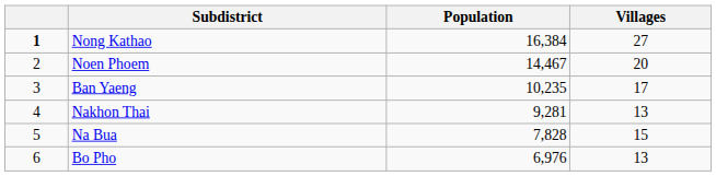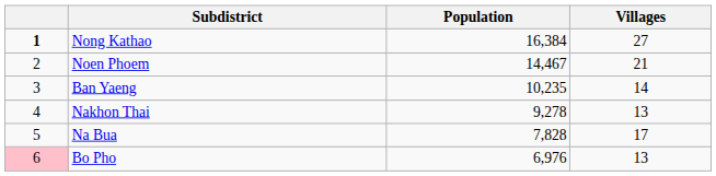 <table class="wikitable" style="width:48%; display:inline-table;">
 <tr>
 <th scope="col" style="width:9%;"> </th>
 <th scope="col" style="width:45%;">Subdistrict</th>
 <th scope="col" style="width:26%;">Population</th>
 <th scope="col" style="width:20%;">Villages</th>
 </tr>
 <tr>
 <td style="text-align:center;"><strong>1</strong></td>
 <td><a href='#'>Nong Kathao</a></td>
 <td style="text-align:right;">16,384</td>
 <td style="text-align:center;">27</td>
 </tr>
 <tr>
 <td style="text-align:center;">2</td>
 <td><a href='#'>Noen Phoem</a></td>
 <td style="text-align:right;">14,467</td>
-<td style="text-align:center;">20</td>
+<td style="text-align:center;">21</td>
 </tr>
 <tr>
 <td style="text-align:center;">3</td>
 <td><a href='#'>Ban Yaeng</a></td>
 <td style="text-align:right;">10,235</td>
-<td style="text-align:center;">17</td>
+<td style="text-align:center;">14</td>
 </tr>
 <tr>
 <td style="text-align:center;">4</td>
 <td><a href='#'>Nakhon Thai</a></td>
-<td style="text-align:right;">9,281</td>
+<td style="text-align:right;">9,278</td>
 <td style="text-align:center;">13</td>
 </tr>
 <tr>
 <td style="text-align:center;">5</td>
 <td><a href='#'>Na Bua</a></td>
 <td style="text-align:right;">7,828</td>
-<td style="text-align:center;">15</td>
+<td style="text-align:center;">17</td>
 </tr>
 <tr>
-<td style="text-align:center;">6</td>
+<td style="background: pink; text-align:center;">6</td>
 <td><a href='#'>Bo Pho</a></td>
 <td style="text-align:right;">6,976</td>
 <td style="text-align:center;">13</td>
 </tr>
 </table>
